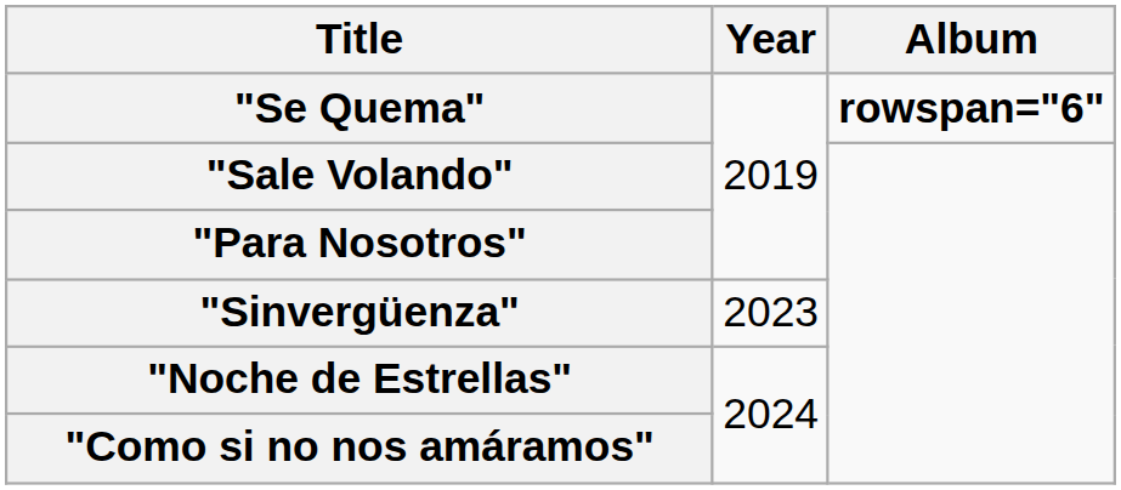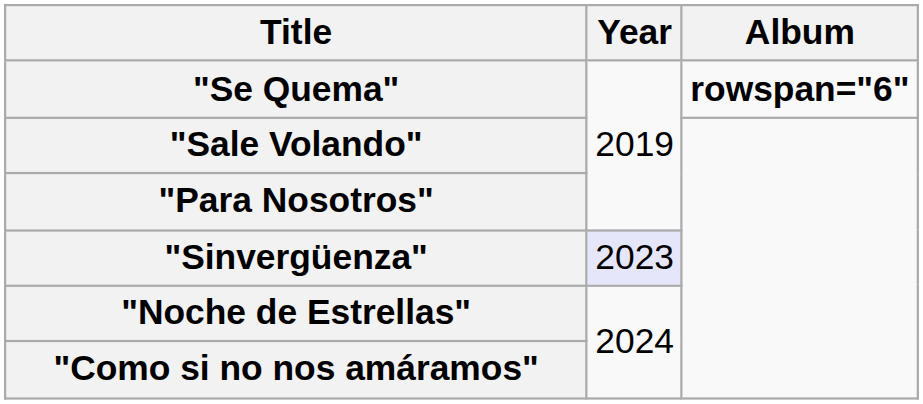 <table class="wikitable plainrowheaders" style="text-align:center;">
 <tr>
 <th scope="col" style="width:16em;">Title</th>
 <th scope="col">Year</th>
 <th scope="col">Album</th>
 </tr>
 <tr>
 <th scope="row">"Se Quema"<br></th>
 <td rowspan="3">2019</td>
 <td><strong>rowspan="6" </strong></td>
 </tr>
 <tr>
 <th scope="row">"Sale Volando"<br></th>
 </tr>
 <tr>
 <th scope="row">"Para Nosotros"<br></th>
 </tr>
 <tr>
 <th scope="row">"Sinvergüenza" </th>
-<td>2023</td>
+<td style="background: lavender;">2023</td>
 </tr>
 <tr>
 <th scope="row">"Noche de Estrellas" </th>
 <td rowspan="2">2024</td>
 </tr>
 <tr>
 <th scope="row">"Como si no nos amáramos" </th>
 </tr>
 </table>
